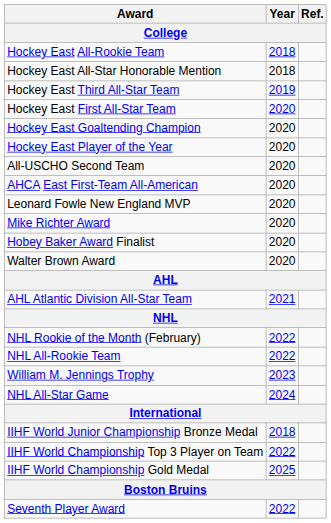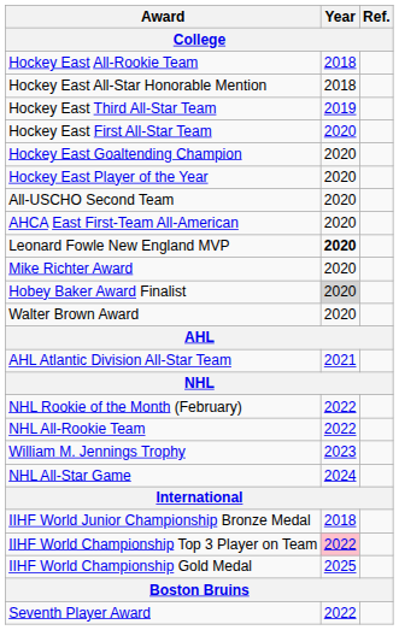 <table class="wikitable">
 <tr>
 <th>Award</th>
 <th>Year</th>
 <th>Ref.</th>
 </tr>
 <tr>
 <th colspan="3"><a href='#'>College</a></th>
 </tr>
 <tr>
 <td><a href='#'>Hockey East</a> <a href='#'>All-Rookie Team</a></td>
 <td><a href='#'>2018</a></td>
 <td></td>
 </tr>
 <tr>
 <td>Hockey East All-Star Honorable Mention</td>
 <td>2018</td>
 <td></td>
 </tr>
 <tr>
 <td>Hockey East <a href='#'>Third All-Star Team</a></td>
 <td><a href='#'>2019</a></td>
 <td></td>
 </tr>
 <tr>
 <td>Hockey East <a href='#'>First All-Star Team</a></td>
 <td><a href='#'>2020</a></td>
 <td></td>
 </tr>
 <tr>
 <td><a href='#'>Hockey East Goaltending Champion</a></td>
 <td>2020</td>
 <td></td>
 </tr>
 <tr>
 <td><a href='#'>Hockey East Player of the Year</a></td>
 <td>2020</td>
 <td></td>
 </tr>
 <tr>
 <td>All-USCHO Second Team</td>
 <td>2020</td>
 <td></td>
 </tr>
 <tr>
 <td><a href='#'>AHCA</a> <a href='#'>East First-Team All-American</a></td>
 <td>2020</td>
 <td></td>
 </tr>
 <tr>
 <td>Leonard Fowle New England MVP</td>
-<td>2020</td>
+<td><strong>2020</strong></td>
 <td></td>
 </tr>
 <tr>
 <td><a href='#'>Mike Richter Award</a></td>
 <td>2020</td>
 <td></td>
 </tr>
 <tr>
 <td><a href='#'>Hobey Baker Award</a> Finalist</td>
-<td>2020</td>
+<td style="background: lightgrey;">2020</td>
 <td></td>
 </tr>
 <tr>
 <td>Walter Brown Award</td>
 <td>2020</td>
 <td></td>
 </tr>
 <tr>
 <th colspan="3"><a href='#'>AHL</a></th>
 </tr>
 <tr>
 <td><a href='#'>AHL Atlantic Division All-Star Team</a></td>
 <td><a href='#'>2021</a></td>
 <td></td>
 </tr>
 <tr>
 <th colspan="3"><a href='#'>NHL</a></th>
 </tr>
 <tr>
 <td><a href='#'>NHL Rookie of the Month</a> (February)</td>
 <td><a href='#'>2022</a></td>
 <td></td>
 </tr>
 <tr>
 <td><a href='#'>NHL All-Rookie Team</a></td>
 <td><a href='#'>2022</a></td>
 <td></td>
 </tr>
 <tr>
 <td><a href='#'>William M. Jennings Trophy</a></td>
 <td><a href='#'>2023</a></td>
 <td></td>
 </tr>
 <tr>
 <td><a href='#'>NHL All-Star Game</a></td>
 <td><a href='#'>2024</a></td>
 <td></td>
 </tr>
 <tr>
 <th colspan="3"><a href='#'>International</a></th>
 </tr>
 <tr>
 <td><a href='#'>IIHF World Junior Championship</a> Bronze Medal</td>
 <td><a href='#'>2018</a></td>
 <td></td>
 </tr>
 <tr>
 <td><a href='#'>IIHF World Championship</a> Top 3 Player on Team</td>
-<td><a href='#'>2022</a></td>
+<td style="background: pink;"><a href='#'>2022</a></td>
 <td></td>
 </tr>
 <tr>
 <td><a href='#'>IIHF World Championship</a> Gold Medal</td>
 <td><a href='#'>2025</a></td>
 <td></td>
 </tr>
 <tr>
 <th colspan="3"><a href='#'>Boston Bruins</a></th>
 </tr>
 <tr>
 <td><a href='#'>Seventh Player Award</a></td>
 <td><a href='#'>2022</a></td>
 <td></td>
 </tr>
 </table>
